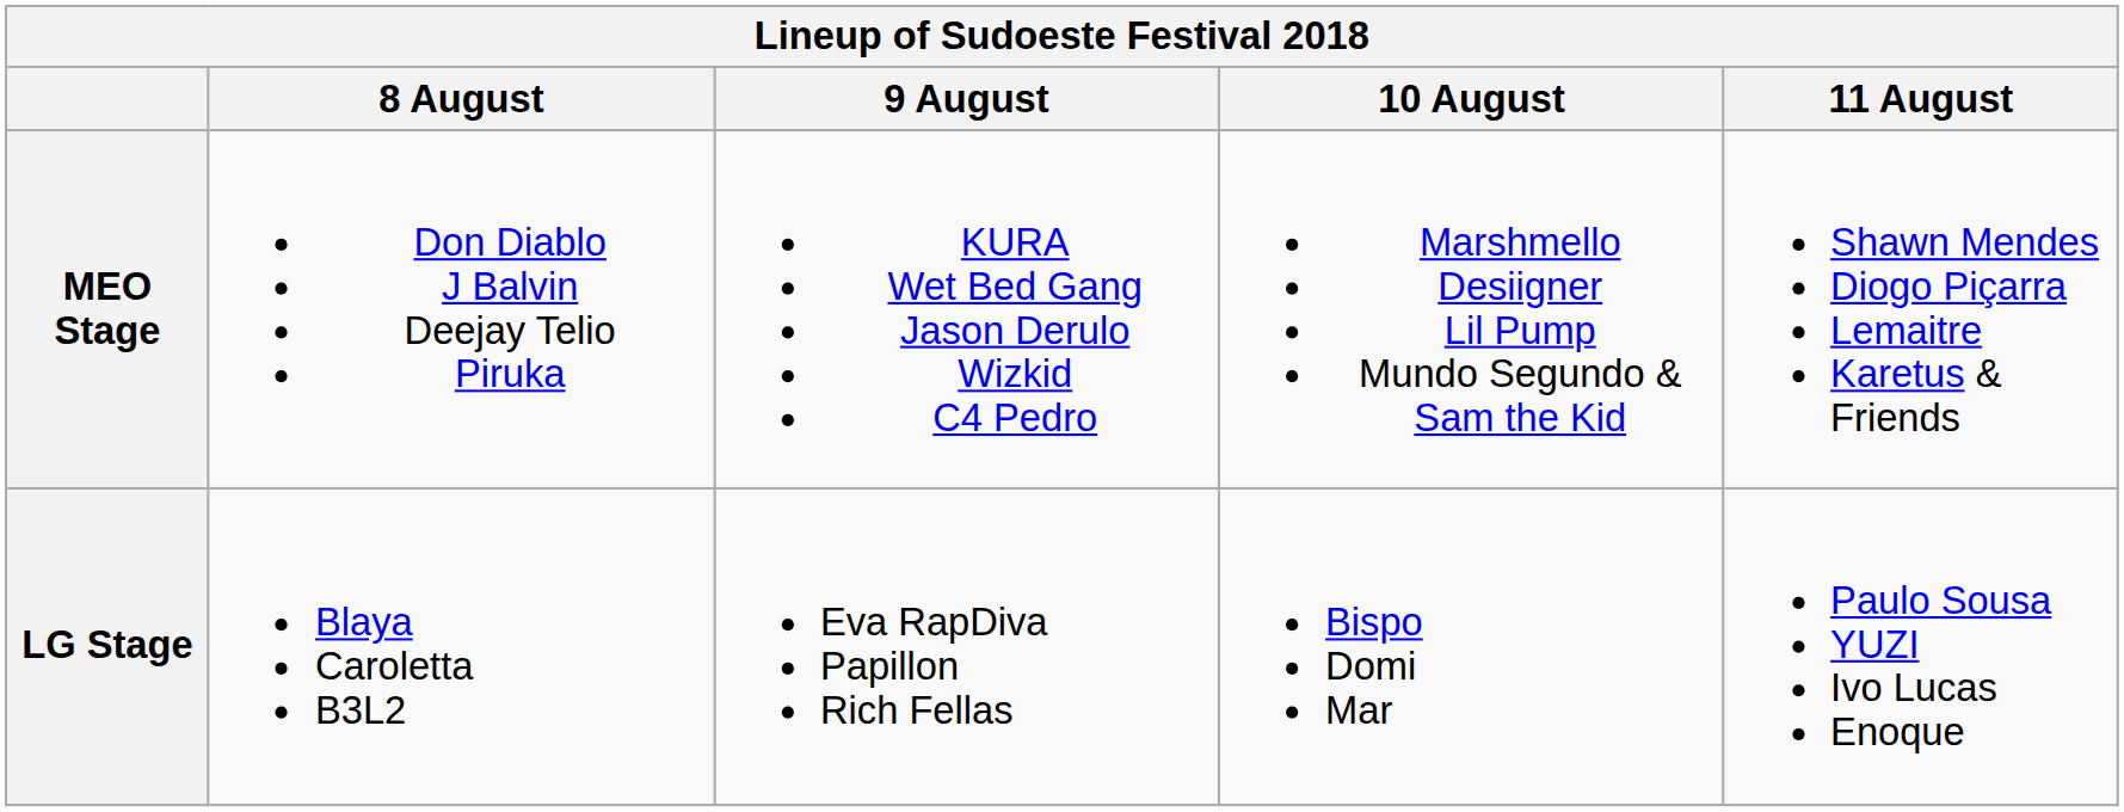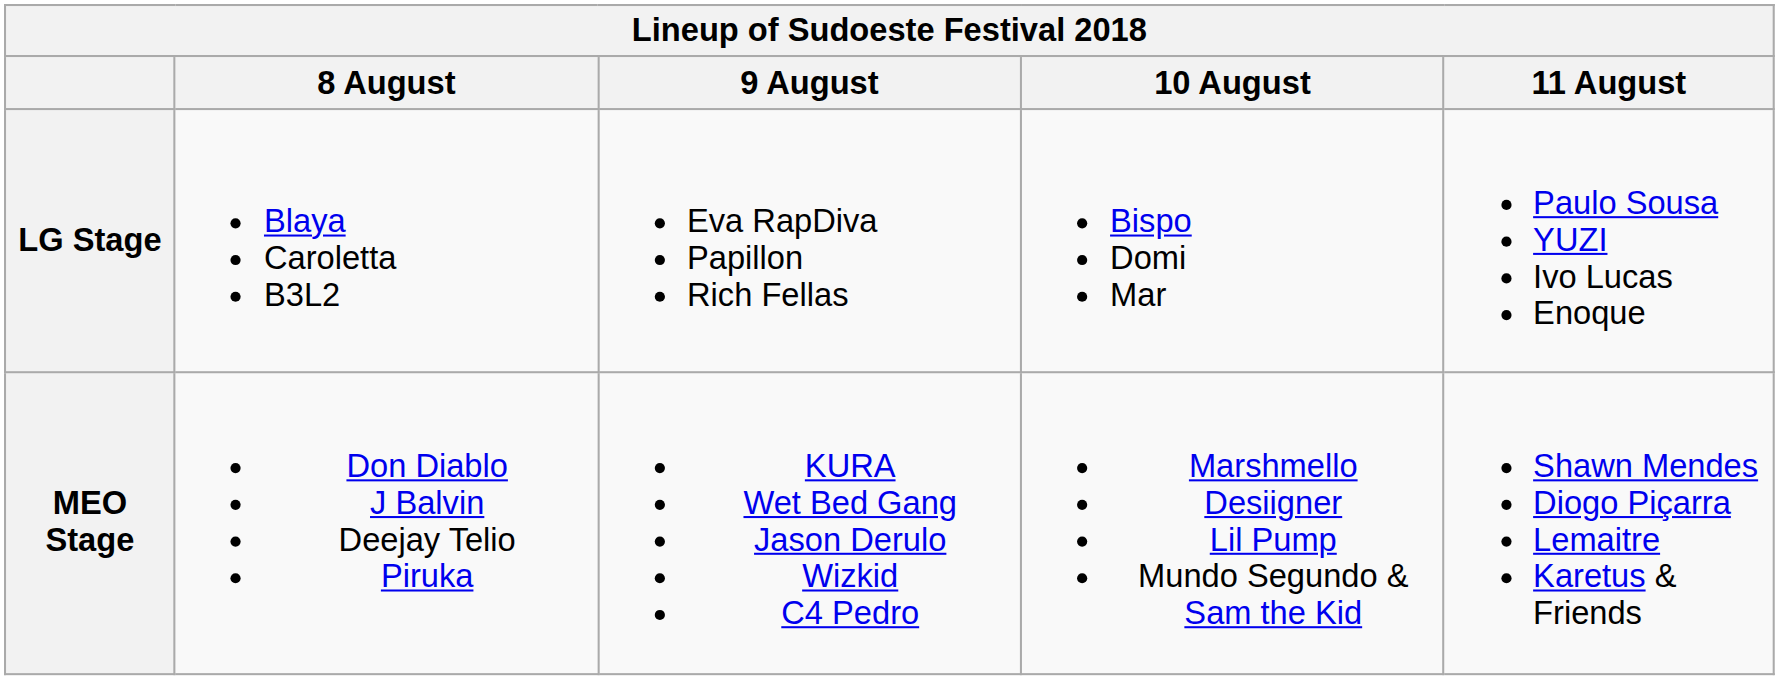 <table class="wikitable mw-collapsible">
 <tr>
 <th colspan="5">Lineup of Sudoeste Festival 2018</th>
 </tr>
 <tr>
 <th></th>
 <th>8 August</th>
 <th>9 August</th>
 <th>10 August</th>
 <th>11 August</th>
 </tr>
 <tr>
+<th>LG Stage</th>
+<td><br><ul><li><a href='#'>Blaya</a></li><li>Caroletta</li><li>B3L2</li></ul></td>
+<td><br><ul><li>Eva RapDiva</li><li>Papillon</li><li>Rich Fellas</li></ul></td>
+<td><br><ul><li><a href='#'>Bispo</a></li><li>Domi</li><li>Mar</li></ul></td>
+<td><br><ul><li><a href='#'>Paulo Sousa</a></li><li><a href='#'>YUZI</a></li><li>Ivo Lucas</li><li>Enoque</li></ul></td>
+</tr>
+<tr>
 <th><strong>MEO Stage</strong></th>
 <td width="200" align="center" valign="top"><br><ul><li><a href='#'>Don Diablo</a></li><li><a href='#'>J Balvin</a></li><li>Deejay Telio</li><li><a href='#'>Piruka</a></li></ul></td>
 <td width="200" align="center" valign="top"><br><ul><li><a href='#'>KURA</a></li><li><a href='#'>Wet Bed Gang</a></li><li><a href='#'>Jason Derulo</a></li><li><a href='#'>Wizkid</a></li><li><a href='#'>C4 Pedro</a></li></ul></td>
 <td width="200" align="center" valign="top"><br><ul><li><a href='#'>Marshmello</a></li><li><a href='#'>Desiigner</a></li><li><a href='#'>Lil Pump</a></li><li>Mundo Segundo & <a href='#'>Sam the Kid</a></li></ul></td>
 <td><br><ul><li><a href='#'>Shawn Mendes</a></li><li><a href='#'>Diogo Piçarra</a></li><li><a href='#'>Lemaitre</a></li><li><a href='#'>Karetus</a> & Friends</li></ul></td>
 </tr>
-<tr>
-<th>LG Stage</th>
-<td><br><ul><li><a href='#'>Blaya</a></li><li>Caroletta</li><li>B3L2</li></ul></td>
-<td><br><ul><li>Eva RapDiva</li><li>Papillon</li><li>Rich Fellas</li></ul></td>
-<td><br><ul><li><a href='#'>Bispo</a></li><li>Domi</li><li>Mar</li></ul></td>
-<td><br><ul><li><a href='#'>Paulo Sousa</a></li><li><a href='#'>YUZI</a></li><li>Ivo Lucas</li><li>Enoque</li></ul></td>
-</tr>
 </table>
